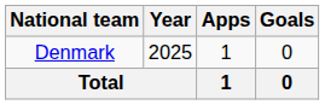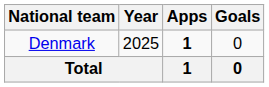 <table class="wikitable" style="text-align:center">
 <tr>
 <th>National team</th>
 <th>Year</th>
 <th>Apps</th>
 <th>Goals</th>
 </tr>
 <tr>
 <td rowspan="1"><a href='#'>Denmark</a></td>
 <td>2025</td>
-<td>1</td>
+<td><strong>1</strong></td>
 <td>0</td>
 </tr>
 <tr>
 <th colspan="2">Total</th>
 <th>1</th>
 <th>0</th>
 </tr>
 </table>
